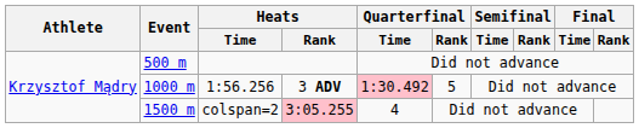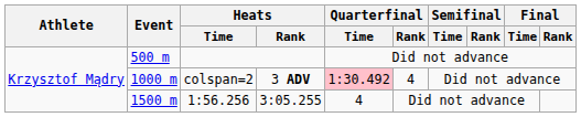 <table class="wikitable" style="font-size:90%">
 <tr>
 <th rowspan=2>Athlete</th>
 <th rowspan=2>Event</th>
 <th colspan=2>Heats</th>
 <th colspan=2>Quarterfinal</th>
 <th colspan=2>Semifinal</th>
 <th colspan=2>Final</th>
 </tr>
 <tr style="font-size:95%">
 <th>Time</th>
 <th>Rank</th>
 <th>Time</th>
 <th>Rank</th>
 <th>Time</th>
 <th>Rank</th>
 <th>Time</th>
 <th>Rank</th>
 </tr>
 <tr align=center>
 <td align=left rowspan=3><a href='#'>Krzysztof Mądry</a></td>
 <td align=left><a href='#'>500 m</a></td>
 <td colspan=2></td>
 <td colspan=6>Did not advance</td>
 </tr>
 <tr align=center>
 <td align=left><a href='#'>1000 m</a></td>
-<td>1:56.256</td>
+<td>colspan=2</td>
 <td>3 <strong>ADV</strong></td>
 <td style="background: pink;">1:30.492</td>
-<td>5</td>
+<td>4</td>
 <td colspan=4>Did not advance</td>
 </tr>
 <tr align=center>
 <td align=left><a href='#'>1500 m</a></td>
-<td>colspan=2</td>
-<td style="background: pink;">3:05.255</td>
+<td>1:56.256</td>
+<td>3:05.255</td>
 <td>4</td>
 <td colspan=4>Did not advance</td>
 </tr>
 </table>
